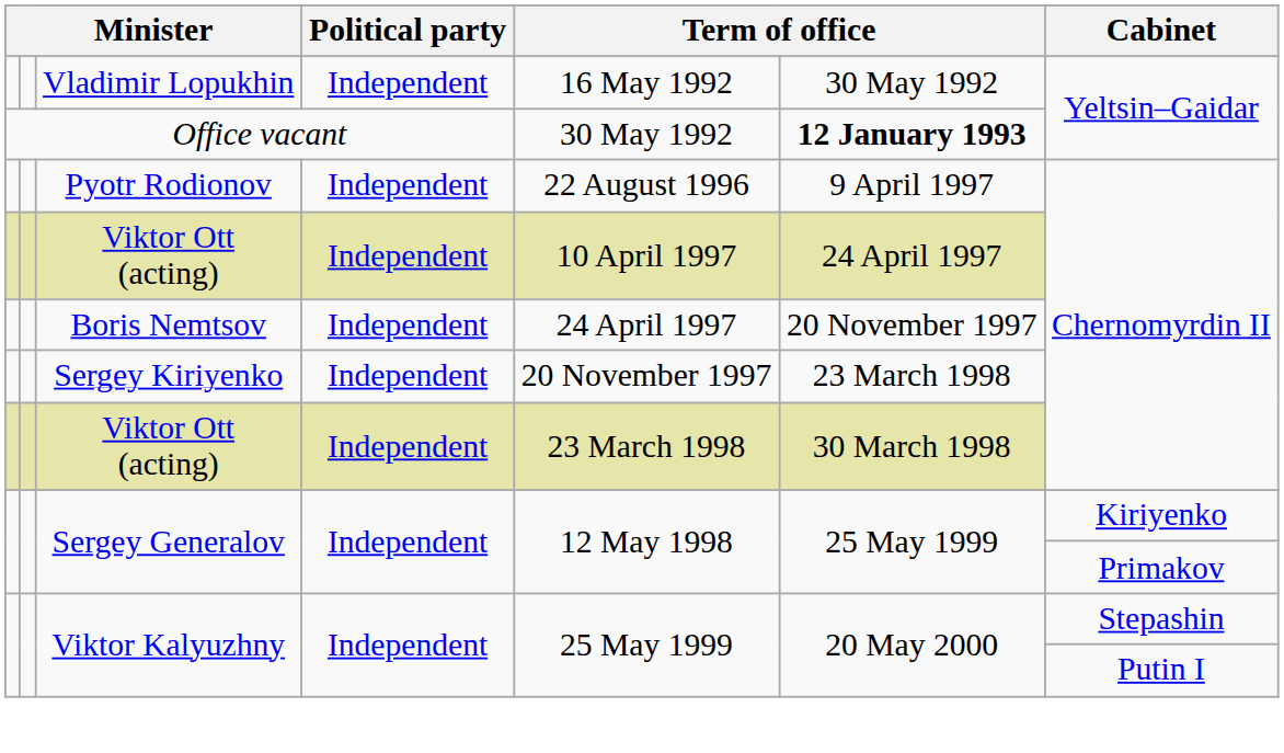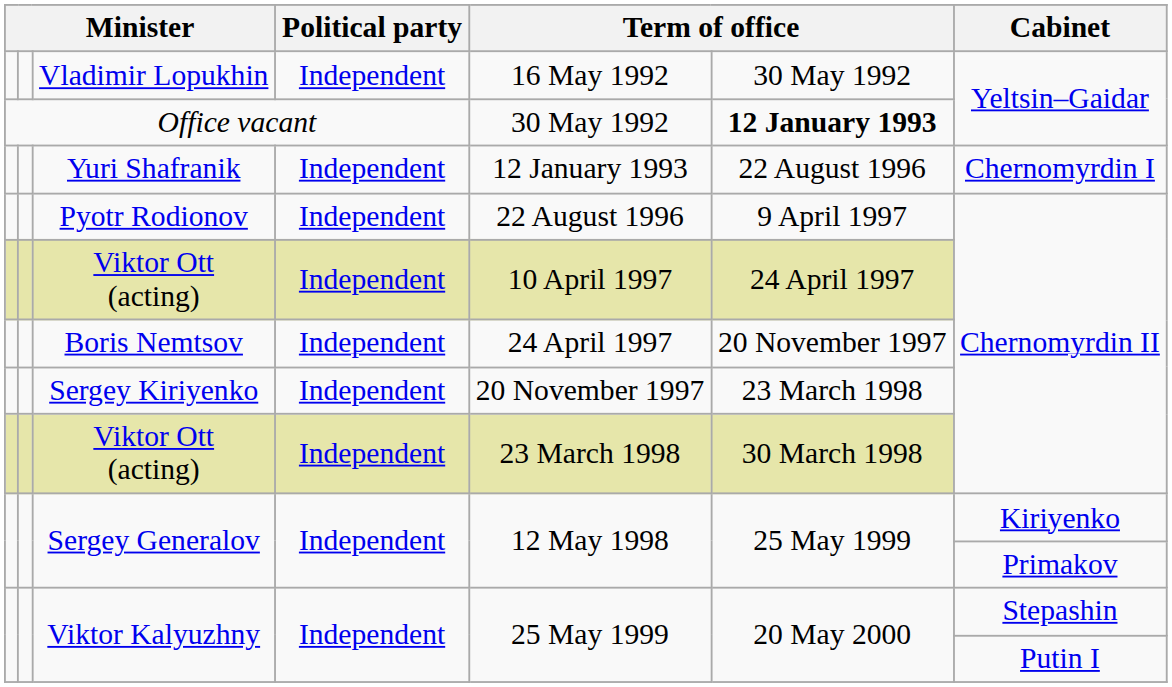 <table class="wikitable" style="text-align:center;">
 <tr>
 <th colspan=3>Minister</th>
 <th>Political party</th>
 <th colspan=2>Term of office</th>
 <th>Cabinet</th>
 </tr>
 <tr>
 <td style="background: "></td>
 <td></td>
 <td><a href='#'>Vladimir Lopukhin</a></td>
 <td><a href='#'>Independent</a></td>
 <td>16 May 1992</td>
 <td>30 May 1992</td>
 <td rowspan=2><a href='#'>Yeltsin–Gaidar</a></td>
 </tr>
 <tr>
 <td colspan=4><em>Office vacant</em></td>
 <td>30 May 1992</td>
 <td><strong>12 January 1993</strong></td>
+</tr>
+<tr>
+<td style="background: "></td>
+<td></td>
+<td><a href='#'>Yuri Shafranik</a></td>
+<td><a href='#'>Independent</a></td>
+<td>12 January 1993</td>
+<td>22 August 1996</td>
+<td><a href='#'>Chernomyrdin I</a></td>
 </tr>
 <tr>
 <td style="background: "></td>
 <td></td>
 <td><a href='#'>Pyotr Rodionov</a></td>
 <td><a href='#'>Independent</a></td>
 <td>22 August 1996</td>
 <td>9 April 1997</td>
 <td rowspan=5><a href='#'>Chernomyrdin II</a></td>
 </tr>
 <tr bgcolor=#E6E6AA>
 <td style="background: "></td>
 <td></td>
 <td><a href='#'>Viktor Ott</a><br>(acting)</td>
 <td><a href='#'>Independent</a></td>
 <td>10 April 1997</td>
 <td>24 April 1997</td>
 </tr>
 <tr>
 <td style="background: "></td>
 <td></td>
 <td><a href='#'>Boris Nemtsov</a></td>
 <td><a href='#'>Independent</a></td>
 <td>24 April 1997</td>
 <td>20 November 1997</td>
 </tr>
 <tr>
 <td style="background: "></td>
 <td></td>
 <td><a href='#'>Sergey Kiriyenko</a></td>
 <td><a href='#'>Independent</a></td>
 <td>20 November 1997</td>
 <td>23 March 1998</td>
 </tr>
 <tr bgcolor=#E6E6AA>
 <td style="background: "></td>
 <td></td>
 <td><a href='#'>Viktor Ott</a><br>(acting)</td>
 <td><a href='#'>Independent</a></td>
 <td>23 March 1998</td>
 <td>30 March 1998</td>
 </tr>
 <tr>
 <td rowspan=2 style="background: "></td>
 <td rowspan=2></td>
 <td rowspan=2><a href='#'>Sergey Generalov</a></td>
 <td rowspan=2><a href='#'>Independent</a></td>
 <td rowspan=2>12 May 1998</td>
 <td rowspan=2>25 May 1999</td>
 <td><a href='#'>Kiriyenko</a></td>
 </tr>
 <tr>
 <td><a href='#'>Primakov</a></td>
 </tr>
 <tr>
 <td rowspan=2 style="background: "></td>
 <td rowspan=2></td>
 <td rowspan=2><a href='#'>Viktor Kalyuzhny</a></td>
 <td rowspan=2><a href='#'>Independent</a></td>
 <td rowspan=2>25 May 1999</td>
 <td rowspan=2>20 May 2000</td>
 <td><a href='#'>Stepashin</a></td>
 </tr>
 <tr>
 <td><a href='#'>Putin I</a></td>
 </tr>
 </table>
